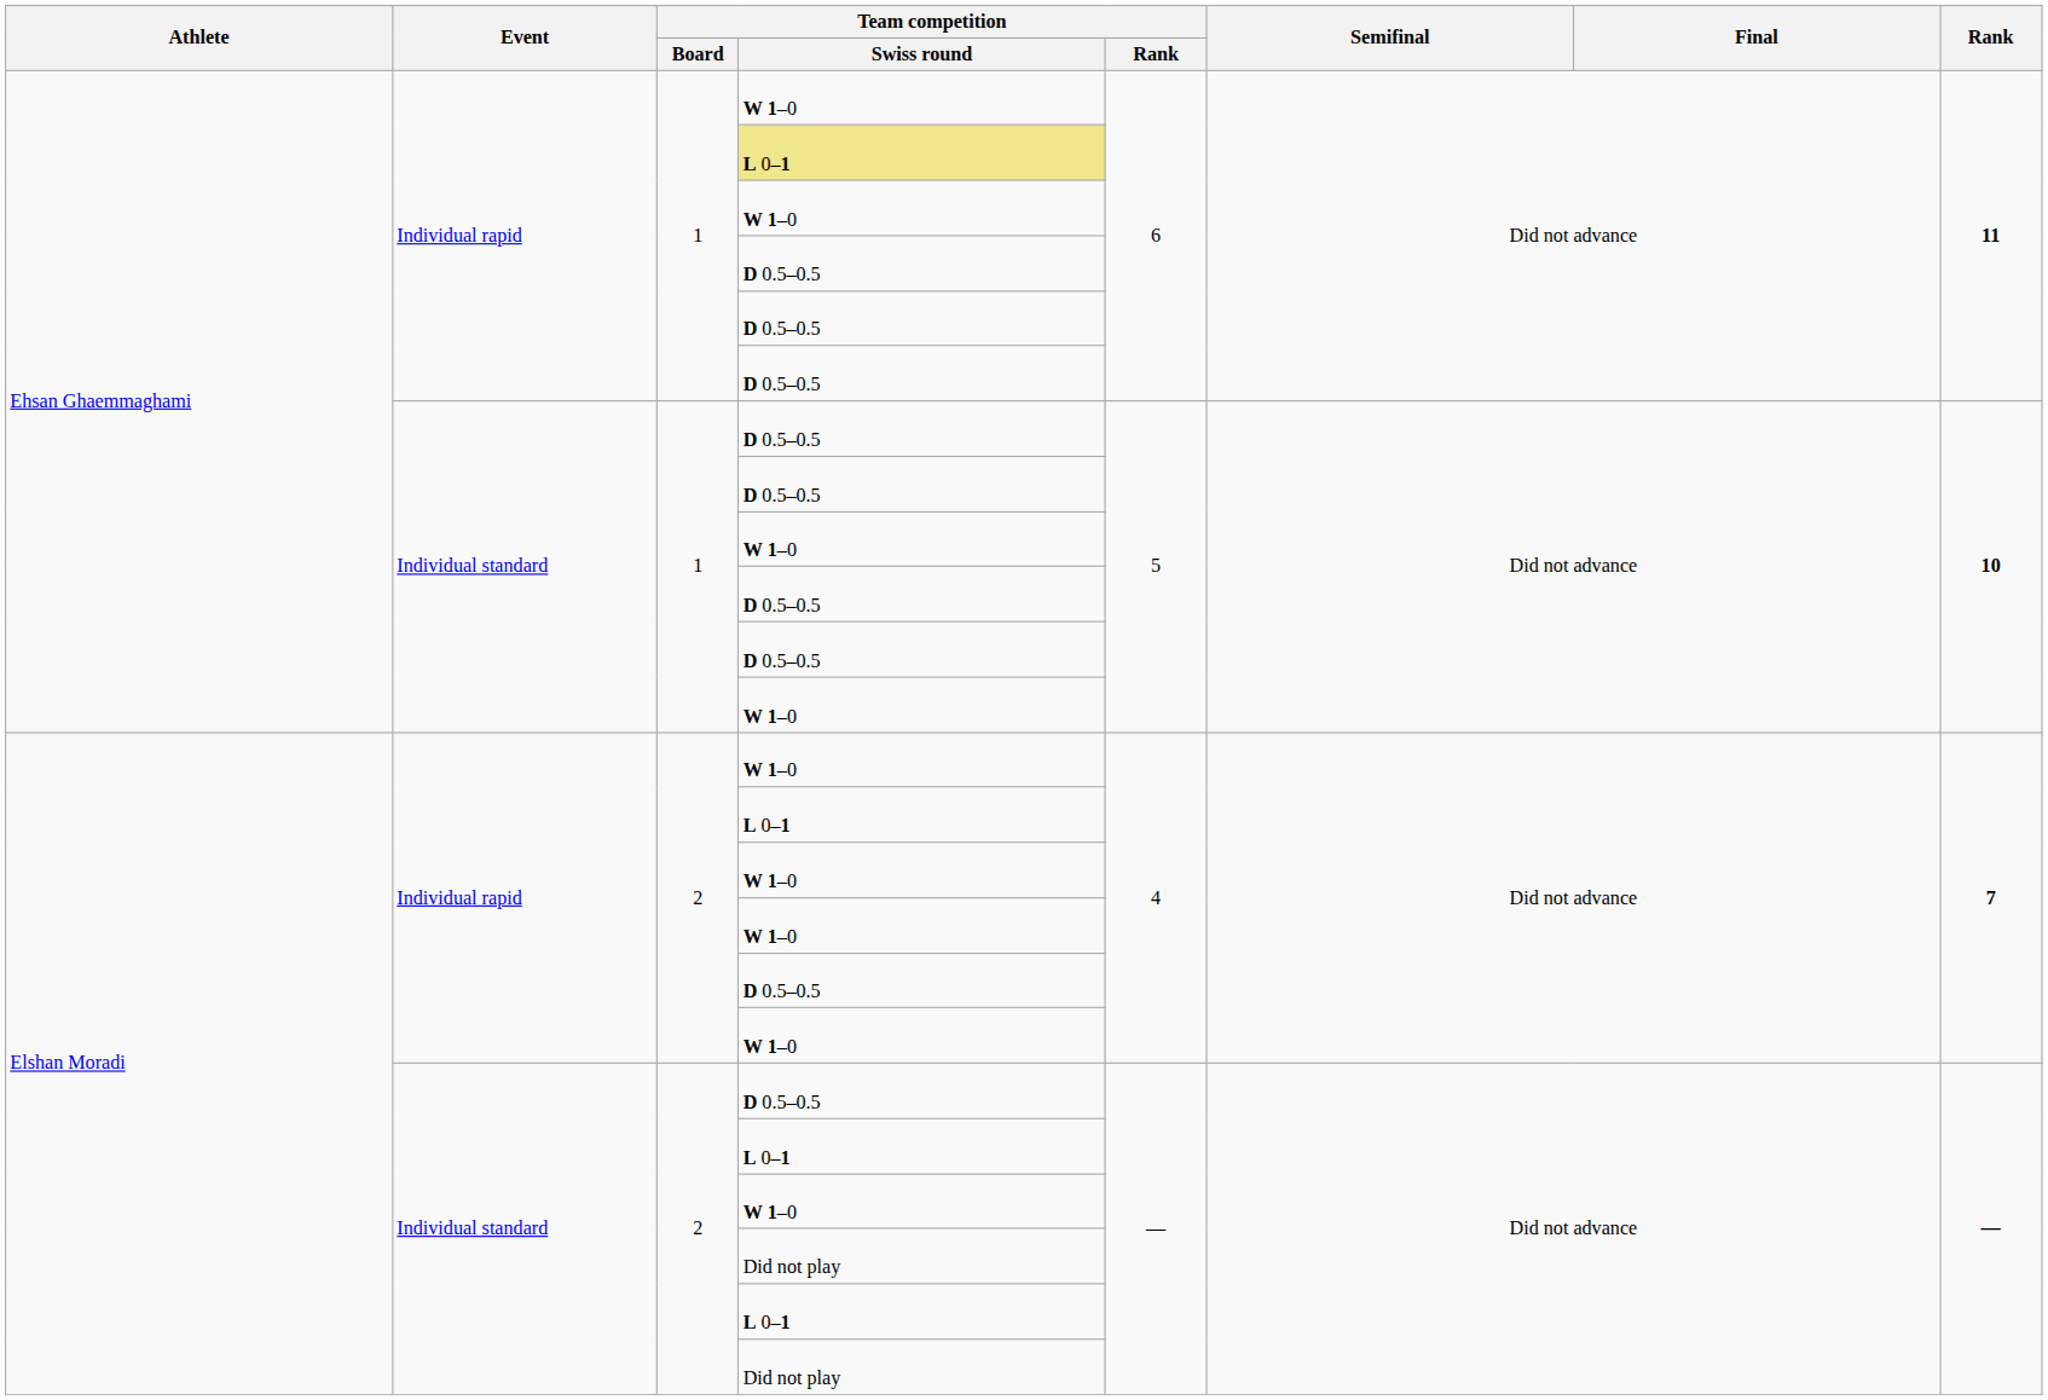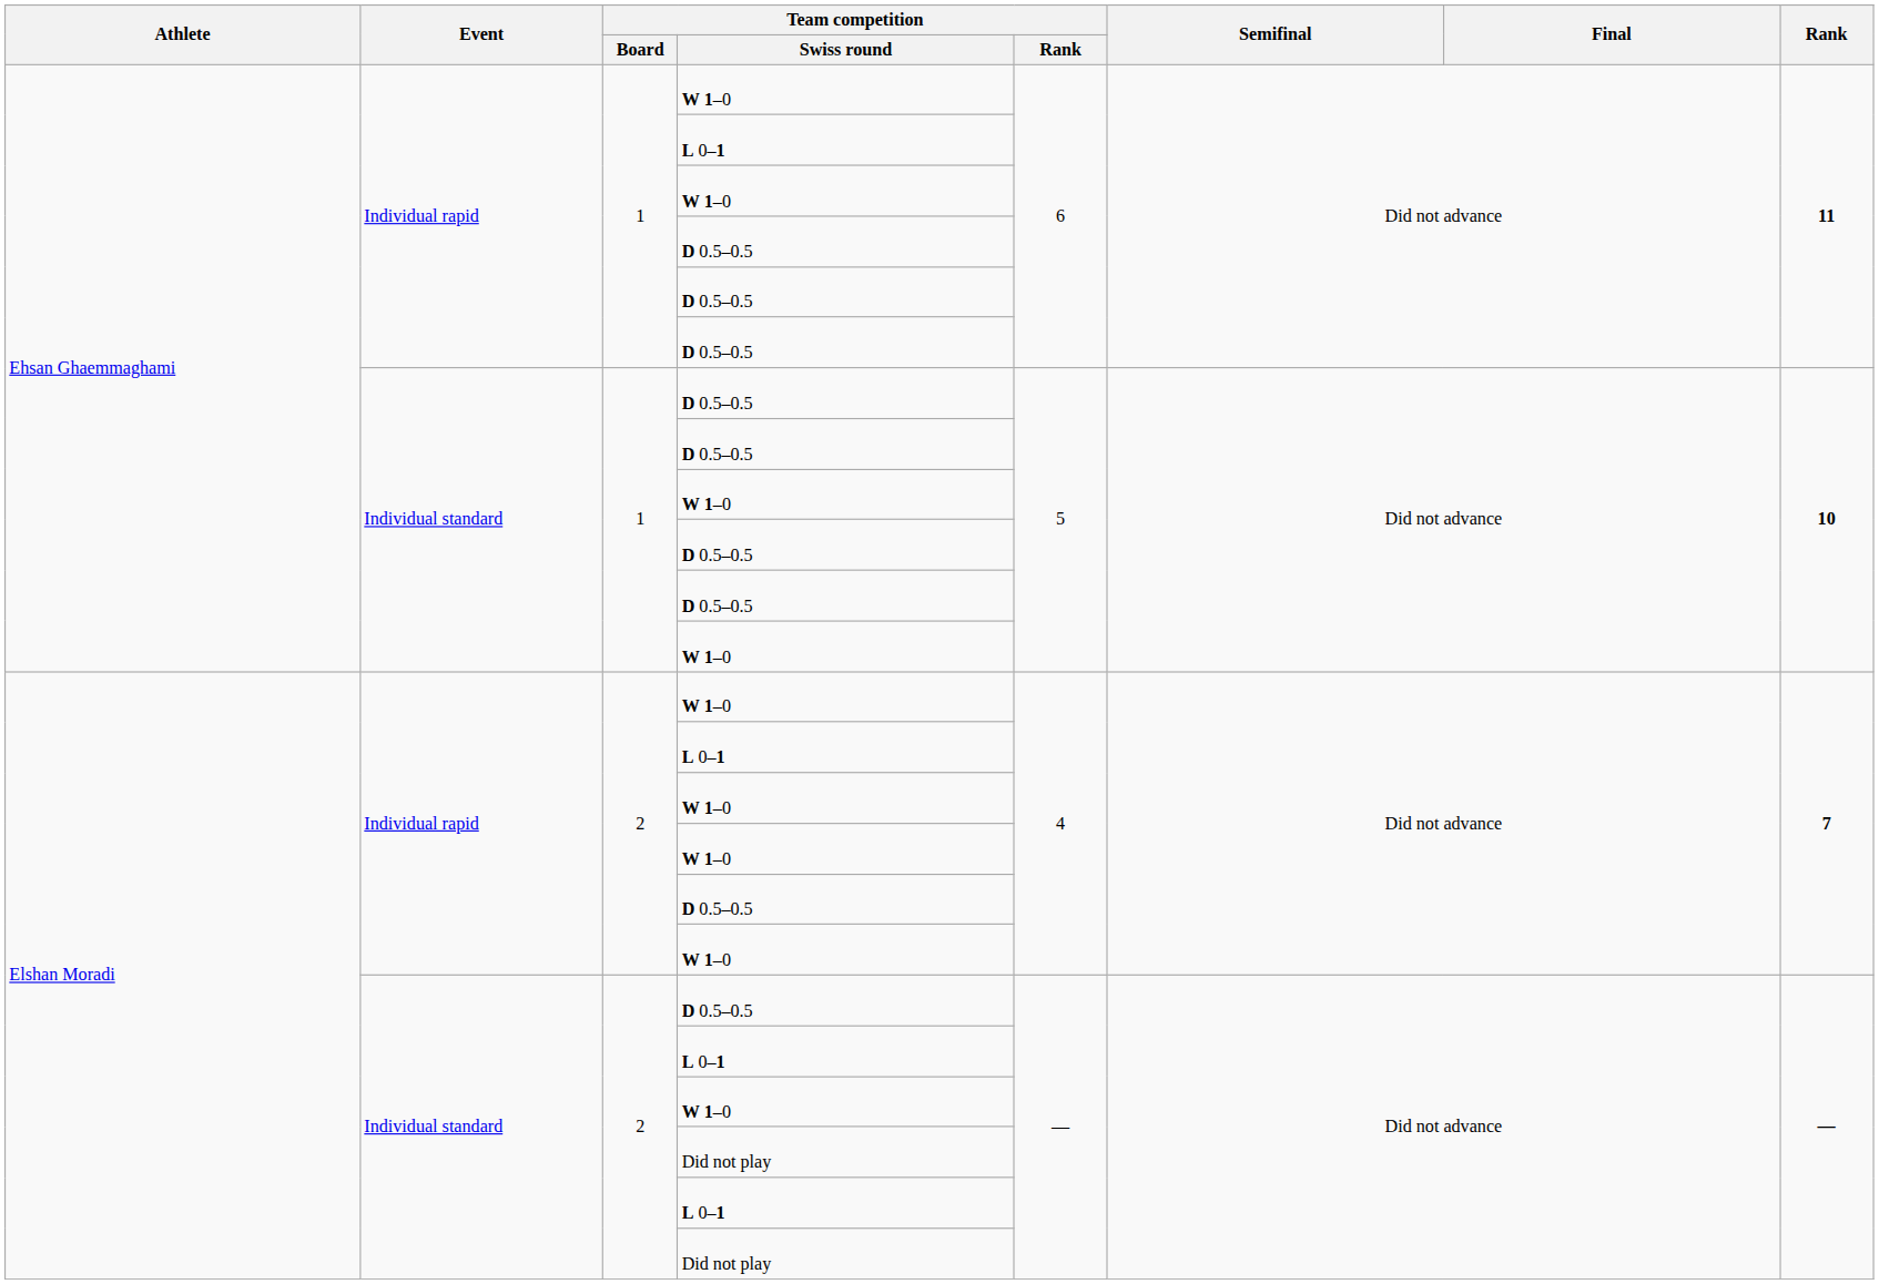 <table class="wikitable" width="95%" style="text-align=left; font-size:90%">
 <tr>
 <th rowspan="2" width="19%">Athlete</th>
 <th rowspan="2" width="13%">Event</th>
 <th colspan="3">Team competition</th>
 <th rowspan="2" width="18%">Semifinal</th>
 <th rowspan="2" width="18%">Final</th>
 <th rowspan="2" width="5%">Rank</th>
 </tr>
 <tr>
 <th width="4%">Board</th>
 <th width="18%">Swiss round</th>
 <th width="5%">Rank</th>
 </tr>
 <tr>
 <td rowspan=12 align="left"><a href='#'>Ehsan Ghaemmaghami</a></td>
 <td rowspan="6" align="left"><a href='#'>Individual rapid</a></td>
 <td rowspan="6" align=center>1</td>
 <td><br><strong>W</strong> <strong>1</strong>–0</td>
 <td rowspan="6" align=center>6</td>
 <td colspan=2 rowspan="6" align=center>Did not advance</td>
 <td rowspan="6" align=center><strong>11</strong></td>
 </tr>
 <tr>
-<td style="background: khaki;"><br><strong>L</strong> 0–<strong>1</strong></td>
+<td><br><strong>L</strong> 0–<strong>1</strong></td>
 </tr>
 <tr>
 <td><br><strong>W</strong> <strong>1</strong>–0</td>
 </tr>
 <tr>
 <td><br><strong>D</strong> 0.5–0.5</td>
 </tr>
 <tr>
 <td><br><strong>D</strong> 0.5–0.5</td>
 </tr>
 <tr>
 <td><br><strong>D</strong> 0.5–0.5</td>
 </tr>
 <tr>
 <td rowspan="6" align="left"><a href='#'>Individual standard</a></td>
 <td rowspan="6" align=center>1</td>
 <td><br><strong>D</strong> 0.5–0.5</td>
 <td rowspan="6" align=center>5</td>
 <td colspan=2 rowspan="6" align=center>Did not advance</td>
 <td rowspan="6" align=center><strong>10</strong></td>
 </tr>
 <tr>
 <td><br><strong>D</strong> 0.5–0.5</td>
 </tr>
 <tr>
 <td><br><strong>W</strong> <strong>1</strong>–0</td>
 </tr>
 <tr>
 <td><br><strong>D</strong> 0.5–0.5</td>
 </tr>
 <tr>
 <td><br><strong>D</strong> 0.5–0.5</td>
 </tr>
 <tr>
 <td><br><strong>W</strong> <strong>1</strong>–0</td>
 </tr>
 <tr>
 <td rowspan=12 align="left"><a href='#'>Elshan Moradi</a></td>
 <td rowspan="6" align="left"><a href='#'>Individual rapid</a></td>
 <td rowspan="6" align=center>2</td>
 <td><br><strong>W</strong> <strong>1</strong>–0</td>
 <td rowspan="6" align=center>4</td>
 <td colspan=2 rowspan="6" align=center>Did not advance</td>
 <td rowspan="6" align=center><strong>7</strong></td>
 </tr>
 <tr>
 <td><br><strong>L</strong> 0–<strong>1</strong></td>
 </tr>
 <tr>
 <td><br><strong>W</strong> <strong>1</strong>–0</td>
 </tr>
 <tr>
 <td><br><strong>W</strong> <strong>1</strong>–0</td>
 </tr>
 <tr>
 <td><br><strong>D</strong> 0.5–0.5</td>
 </tr>
 <tr>
 <td><br><strong>W</strong> <strong>1</strong>–0</td>
 </tr>
 <tr>
 <td rowspan="6" align="left"><a href='#'>Individual standard</a></td>
 <td rowspan="6" align=center>2</td>
 <td><br><strong>D</strong> 0.5–0.5</td>
 <td rowspan="6" align=center>—</td>
 <td colspan=2 rowspan="6" align=center>Did not advance</td>
 <td rowspan="6" align=center><strong>—</strong></td>
 </tr>
 <tr>
 <td><br><strong>L</strong> 0–<strong>1</strong></td>
 </tr>
 <tr>
 <td><br><strong>W</strong> <strong>1</strong>–0</td>
 </tr>
 <tr>
 <td><br>Did not play</td>
 </tr>
 <tr>
 <td><br><strong>L</strong> 0–<strong>1</strong></td>
 </tr>
 <tr>
 <td><br>Did not play</td>
 </tr>
 </table>
